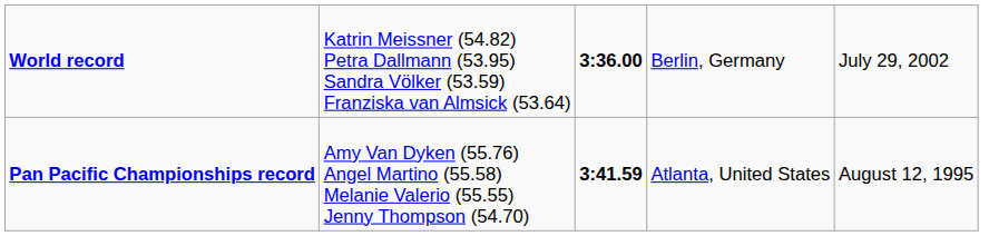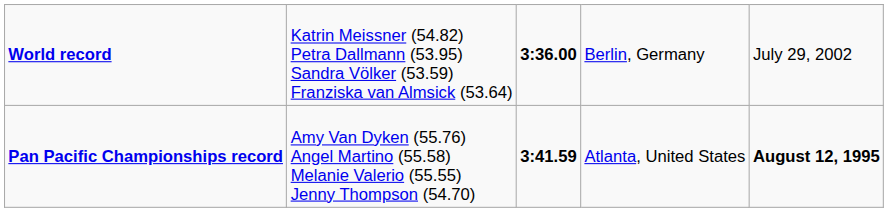 <table class="wikitable">
 <tr>
 <td><strong><a href='#'>World record</a></strong></td>
 <td><br><a href='#'>Katrin Meissner</a> (54.82)<br><a href='#'>Petra Dallmann</a> (53.95)<br><a href='#'>Sandra Völker</a> (53.59)<br><a href='#'>Franziska van Almsick</a> (53.64)</td>
 <td><strong>3:36.00</strong></td>
 <td><a href='#'>Berlin</a>, Germany</td>
 <td>July 29, 2002</td>
 </tr>
 <tr>
 <td><strong><a href='#'>Pan Pacific Championships record</a></strong></td>
 <td><br><a href='#'>Amy Van Dyken</a> (55.76)<br><a href='#'>Angel Martino</a> (55.58)<br><a href='#'>Melanie Valerio</a> (55.55)<br><a href='#'>Jenny Thompson</a> (54.70)</td>
 <td><strong>3:41.59</strong></td>
 <td><a href='#'>Atlanta</a>, United States</td>
-<td>August 12, 1995</td>
+<td><strong>August 12, 1995</strong></td>
 </tr>
 </table>
